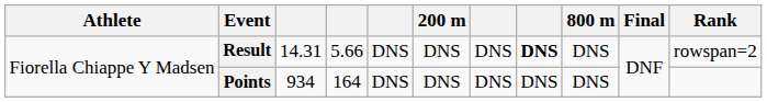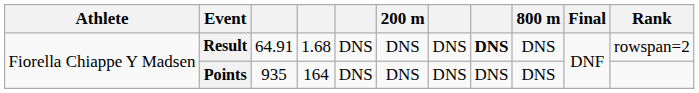 <table class="wikitable" style="font-size:90%;">
 <tr>
 <th>Athlete</th>
 <th>Event</th>
 <th></th>
 <th></th>
 <th></th>
 <th>200 m</th>
 <th></th>
 <th></th>
 <th>800 m</th>
 <th>Final</th>
 <th>Rank</th>
 </tr>
 <tr align=center>
 <td rowspan="2" style="text-align:left;">Fiorella Chiappe Y Madsen</td>
 <th style="font-size:95%">Result</th>
-<td>14.31</td>
-<td>5.66</td>
+<td>64.91</td>
+<td>1.68</td>
 <td>DNS</td>
 <td>DNS</td>
 <td>DNS</td>
 <td><strong>DNS</strong></td>
 <td>DNS</td>
 <td rowspan=2>DNF</td>
 <td>rowspan=2 </td>
 </tr>
 <tr align=center>
 <th style="font-size:95%">Points</th>
-<td>934</td>
+<td>935</td>
 <td>164</td>
 <td>DNS</td>
 <td>DNS</td>
 <td>DNS</td>
 <td>DNS</td>
 <td>DNS</td>
 </tr>
 </table>
